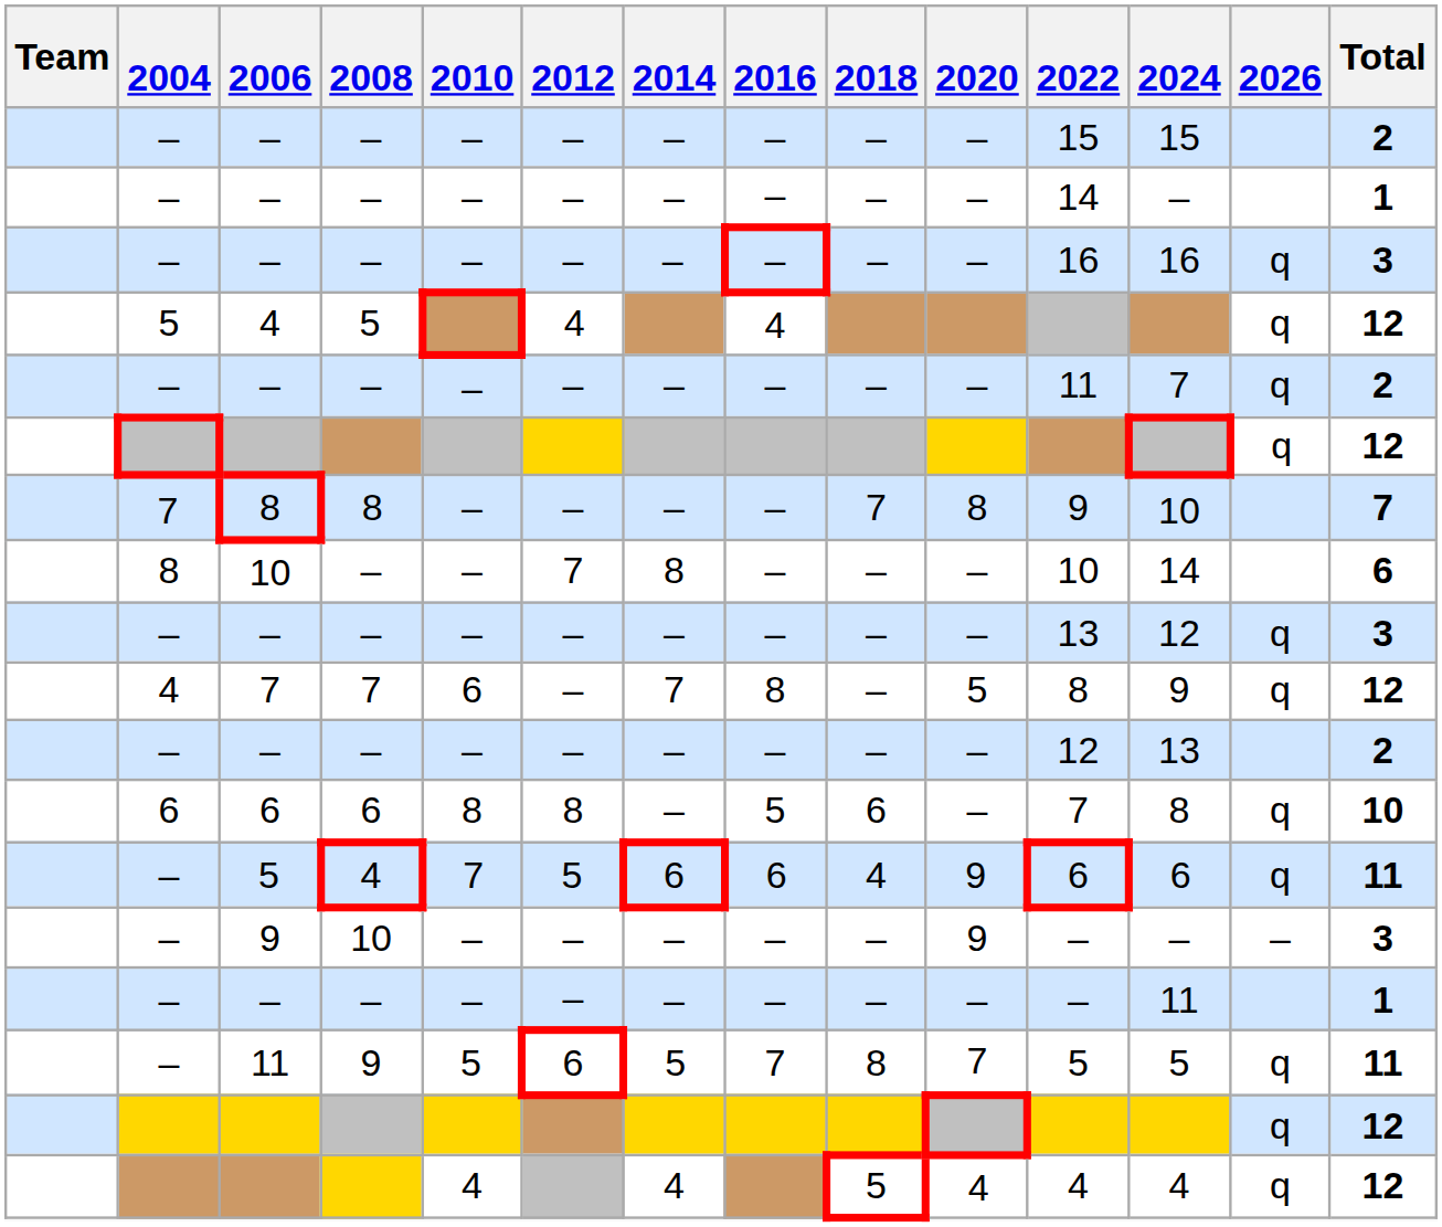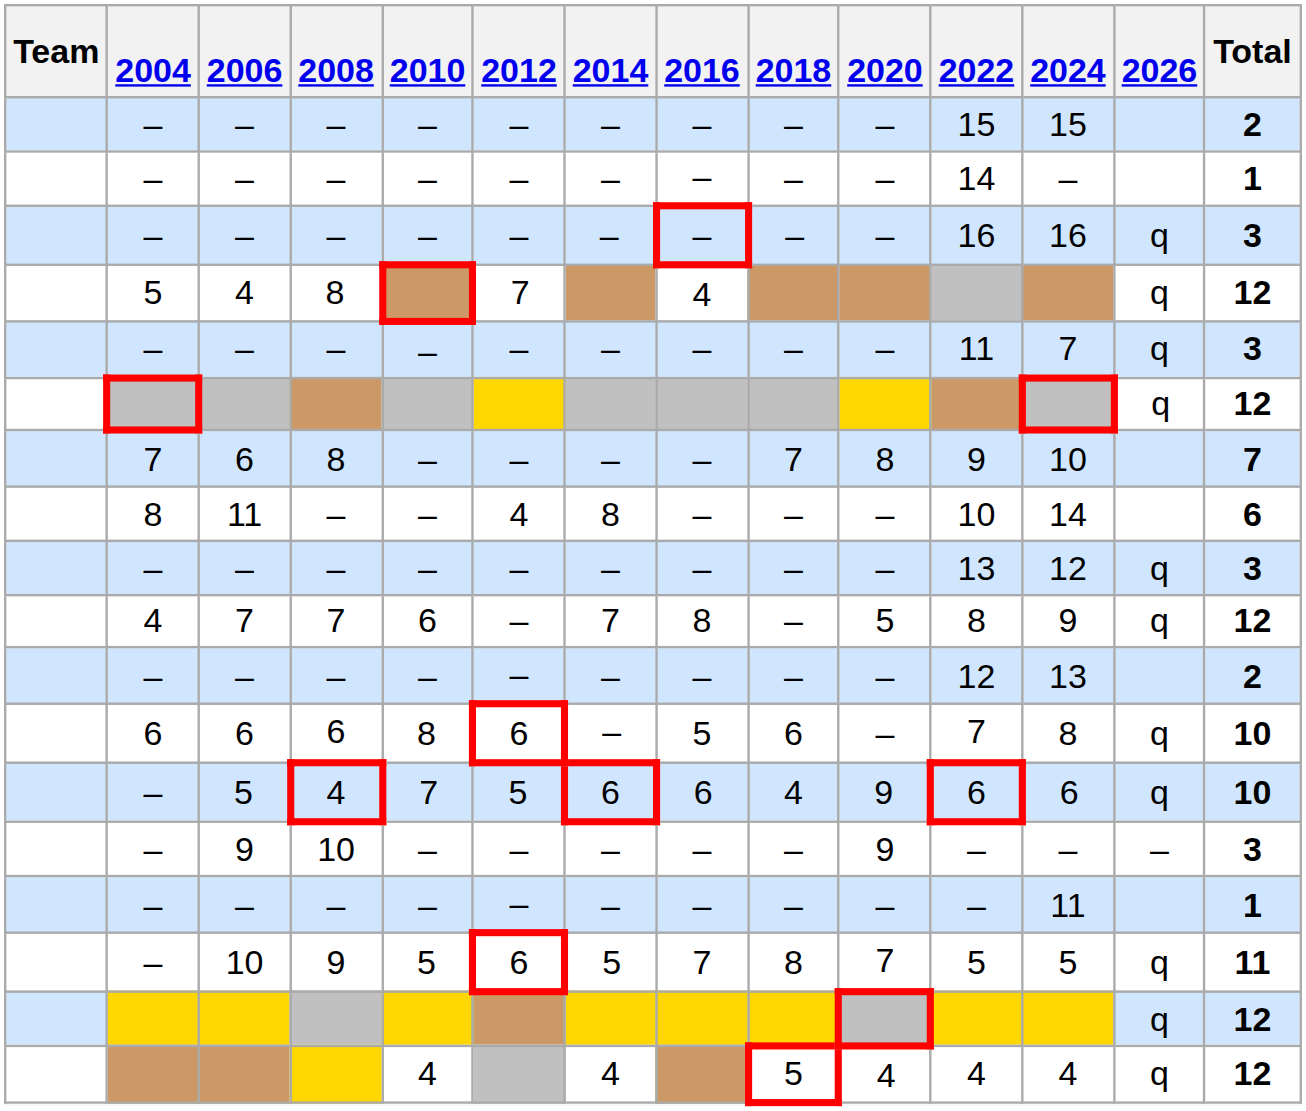 <table class="wikitable sortable" style="text-align:center; font-size:90%">
 <tr>
 <th><strong>Team</strong></th>
 <th><br><a href='#'>2004</a></th>
 <th><br><a href='#'>2006</a></th>
 <th><br><a href='#'>2008</a></th>
 <th><br><a href='#'>2010</a></th>
 <th><br><a href='#'>2012</a></th>
 <th><br><a href='#'>2014</a></th>
 <th><br><a href='#'>2016</a></th>
 <th><br><a href='#'>2018</a></th>
 <th><br><a href='#'>2020</a></th>
 <th><br><a href='#'>2022</a></th>
 <th><br><a href='#'>2024</a></th>
 <th><br><a href='#'>2026</a></th>
 <th><strong>Total</strong></th>
 </tr>
 <tr style="background:#d0e6ff;">
 <td align=left></td>
 <td>–</td>
 <td>–</td>
 <td>–</td>
 <td>–</td>
 <td>–</td>
 <td>–</td>
 <td>–</td>
 <td>–</td>
 <td>–</td>
 <td>15</td>
 <td>15</td>
 <td></td>
 <td><strong>2</strong></td>
 </tr>
 <tr style="background:#fff">
 <td align=left></td>
 <td>–</td>
 <td>–</td>
 <td>–</td>
 <td>–</td>
 <td>–</td>
 <td>–</td>
 <td>–</td>
 <td>–</td>
 <td>–</td>
 <td>14</td>
 <td>–</td>
 <td></td>
 <td><strong>1</strong></td>
 </tr>
 <tr style="background:#d0e6ff;">
 <td align=left></td>
 <td>–</td>
 <td>–</td>
 <td>–</td>
 <td>–</td>
 <td>–</td>
 <td>–</td>
 <td style="border:3px solid red;">–</td>
 <td>–</td>
 <td>–</td>
 <td>16</td>
 <td>16</td>
 <td>q</td>
 <td><strong>3</strong></td>
 </tr>
 <tr style="background:#fff;">
 <td align=left></td>
 <td>5</td>
 <td>4</td>
-<td>5</td>
+<td>8</td>
 <td style="border:3px solid red;background:#c96;"></td>
-<td>4</td>
+<td>7</td>
 <td style="background:#c96;"></td>
 <td>4</td>
 <td style="background:#c96;"></td>
 <td style="background:#c96;"></td>
 <td style="background:silver;"></td>
 <td style="background:#c96;"></td>
 <td>q</td>
 <td><strong>12</strong></td>
 </tr>
 <tr style="background:#d0e6ff">
 <td align=left></td>
 <td>–</td>
 <td>–</td>
 <td>–</td>
 <td>–</td>
 <td>–</td>
 <td>–</td>
 <td>–</td>
 <td>–</td>
 <td>–</td>
 <td>11</td>
 <td>7</td>
 <td>q</td>
-<td><strong>2</strong></td>
+<td><strong>3</strong></td>
 </tr>
 <tr style="background:#fff;">
 <td align=left></td>
 <td style="border:3px solid red;background:silver;"></td>
 <td style="background:silver;"></td>
 <td style="background:#c96;"></td>
 <td style="background:silver;"></td>
 <td style="background:gold;"></td>
 <td style="background:silver;"></td>
 <td style="background:silver;"></td>
 <td style="background:silver;"></td>
 <td style="background:gold;"></td>
 <td style="background:#c96;"></td>
 <td style="border:3px solid red;background:silver;"></td>
 <td>q</td>
 <td><strong>12</strong></td>
 </tr>
 <tr style="background:#d0e6ff;">
 <td align=left></td>
 <td>7</td>
-<td style="border:3px solid red;">8</td>
+<td>6</td>
 <td>8</td>
 <td>–</td>
 <td>–</td>
 <td>–</td>
 <td>–</td>
 <td>7</td>
 <td>8</td>
 <td>9</td>
 <td>10</td>
 <td></td>
 <td><strong>7</strong></td>
 </tr>
 <tr style="background:#fff;">
 <td align=left></td>
 <td>8</td>
-<td>10</td>
+<td>11</td>
 <td>–</td>
 <td>–</td>
-<td>7</td>
+<td>4</td>
 <td>8</td>
 <td>–</td>
 <td>–</td>
 <td>–</td>
 <td>10</td>
 <td>14</td>
 <td></td>
 <td><strong>6</strong></td>
 </tr>
 <tr style="background:#d0e6ff;">
 <td align=left></td>
 <td>–</td>
 <td>–</td>
 <td>–</td>
 <td>–</td>
 <td>–</td>
 <td>–</td>
 <td>–</td>
 <td>–</td>
 <td>–</td>
 <td>13</td>
 <td>12</td>
 <td>q</td>
 <td><strong>3</strong></td>
 </tr>
 <tr style="background:#fff">
 <td align=left></td>
 <td>4</td>
 <td>7</td>
 <td>7</td>
 <td>6</td>
 <td>–</td>
 <td>7</td>
 <td>8</td>
 <td>–</td>
 <td>5</td>
 <td>8</td>
 <td>9</td>
 <td>q</td>
 <td><strong>12</strong></td>
 </tr>
 <tr style="background:#d0e6ff;">
 <td align=left></td>
 <td>–</td>
 <td>–</td>
 <td>–</td>
 <td>–</td>
 <td>–</td>
 <td>–</td>
 <td>–</td>
 <td>–</td>
 <td>–</td>
 <td>12</td>
 <td>13</td>
 <td></td>
 <td><strong>2</strong></td>
 </tr>
 <tr style="background:#fff;">
 <td align=left></td>
 <td>6</td>
 <td>6</td>
 <td>6</td>
 <td>8</td>
-<td>8</td>
+<td style="border:3px solid red;">6</td>
 <td>–</td>
 <td>5</td>
 <td>6</td>
 <td>–</td>
 <td>7</td>
 <td>8</td>
 <td>q</td>
 <td><strong>10</strong></td>
 </tr>
 <tr style="background:#d0e6ff;">
 <td align=left></td>
 <td>–</td>
 <td>5</td>
 <td style="border:3px solid red;">4</td>
 <td>7</td>
 <td>5</td>
 <td style="border:3px solid red;">6</td>
 <td>6</td>
 <td>4</td>
 <td>9</td>
 <td style="border:3px solid red;">6</td>
 <td>6</td>
 <td>q</td>
-<td><strong>11</strong></td>
+<td><strong>10</strong></td>
 </tr>
 <tr style="background:#fff;">
 <td align=left></td>
 <td>–</td>
 <td>9</td>
 <td>10</td>
 <td>–</td>
 <td>–</td>
 <td>–</td>
 <td>–</td>
 <td>–</td>
 <td>9</td>
 <td>–</td>
 <td>–</td>
 <td>–</td>
 <td><strong>3</strong></td>
 </tr>
 <tr style="background:#d0e6ff;">
 <td align=left></td>
 <td>–</td>
 <td>–</td>
 <td>–</td>
 <td>–</td>
 <td>–</td>
 <td>–</td>
 <td>–</td>
 <td>–</td>
 <td>–</td>
 <td>–</td>
 <td>11</td>
 <td></td>
 <td><strong>1</strong></td>
 </tr>
 <tr style="background:#fff;">
 <td align=left></td>
 <td>–</td>
-<td>11</td>
+<td>10</td>
 <td>9</td>
 <td>5</td>
 <td style="border:3px solid red;">6</td>
 <td>5</td>
 <td>7</td>
 <td>8</td>
 <td>7</td>
 <td>5</td>
 <td>5</td>
 <td>q</td>
 <td><strong>11</strong></td>
 </tr>
 <tr style="background:#d0e6ff;">
 <td align=left></td>
 <td style="background:gold;"></td>
 <td style="background:gold;"></td>
 <td style="background:silver;"></td>
 <td style="background:gold;"></td>
 <td style="background:#c96;"></td>
 <td style="background:gold;"></td>
 <td style="background:gold;"></td>
 <td style="background:gold;"></td>
 <td style="background:silver; border:3px solid red;"></td>
 <td style="background:gold;"></td>
 <td style="background:gold;"></td>
 <td>q</td>
 <td><strong>12</strong></td>
 </tr>
 <tr style="background:#fff">
 <td align=left></td>
 <td style="background:#c96;"></td>
 <td style="background:#c96;"></td>
 <td style="background:gold;"></td>
 <td>4</td>
 <td style="background:silver;"></td>
 <td>4</td>
 <td style="background:#c96;"></td>
 <td style="border:3px solid red;">5</td>
 <td>4</td>
 <td>4</td>
 <td>4</td>
 <td>q</td>
 <td><strong>12</strong></td>
 </tr>
 </table>
